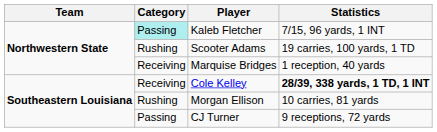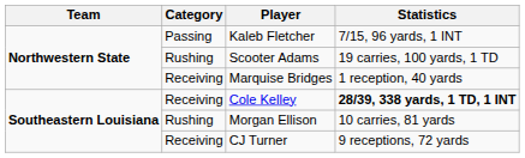 <table class="wikitable" style="float: left;">
 <tr>
 <th>Team</th>
 <th>Category</th>
 <th>Player</th>
 <th>Statistics</th>
 </tr>
 <tr>
 <td rowspan=3><strong>Northwestern State</strong></td>
-<td style="background: paleturquoise;">Passing</td>
+<td>Passing</td>
 <td>Kaleb Fletcher</td>
 <td>7/15, 96 yards, 1 INT</td>
 </tr>
 <tr>
 <td>Rushing</td>
 <td>Scooter Adams</td>
 <td>19 carries, 100 yards, 1 TD</td>
 </tr>
 <tr>
 <td>Receiving</td>
 <td>Marquise Bridges</td>
 <td>1 reception, 40 yards</td>
 </tr>
 <tr>
 <td rowspan=3><strong>Southeastern Louisiana</strong></td>
 <td>Receiving</td>
 <td><a href='#'>Cole Kelley</a></td>
 <td><strong>28/39, 338 yards, 1 TD, 1 INT</strong></td>
 </tr>
 <tr>
 <td>Rushing</td>
 <td>Morgan Ellison</td>
 <td>10 carries, 81 yards</td>
 </tr>
 <tr>
-<td>Passing</td>
+<td>Receiving</td>
 <td>CJ Turner</td>
 <td>9 receptions, 72 yards</td>
 </tr>
 </table>
